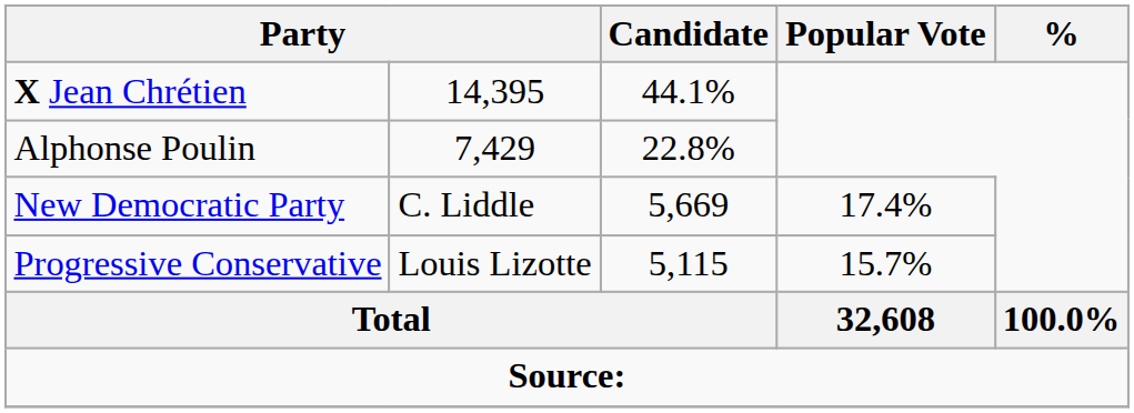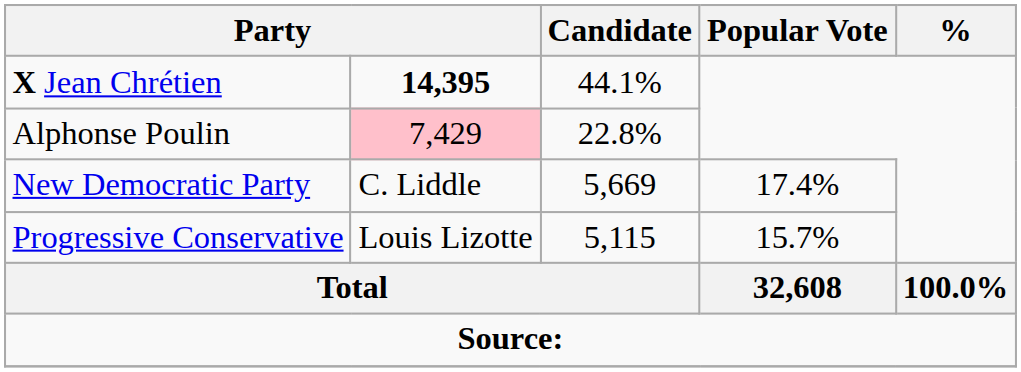 <table class="wikitable">
 <tr>
 <th colspan="2">Party</th>
 <th>Candidate</th>
 <th>Popular Vote</th>
 <th>%</th>
 </tr>
 <tr>
 <td> <strong>X</strong> <a href='#'>Jean Chrétien</a></td>
-<td align=center>14,395</td>
+<td align=center><strong>14,395</strong></td>
 <td align=center>44.1%</td>
 </tr>
 <tr>
 <td>Alphonse Poulin</td>
-<td align=center>7,429</td>
+<td align=center style="background: pink;">7,429</td>
 <td align=center>22.8%</td>
 </tr>
 <tr>
 <td><a href='#'>New Democratic Party</a></td>
 <td>C. Liddle</td>
 <td align=center>5,669</td>
 <td align=center>17.4%</td>
 </tr>
 <tr>
 <td><a href='#'>Progressive Conservative</a></td>
 <td>Louis Lizotte</td>
 <td align=center>5,115</td>
 <td align=center>15.7%</td>
 </tr>
 <tr>
 <th colspan=3>Total</th>
 <th>32,608</th>
 <th>100.0%</th>
 </tr>
 <tr>
 <td align="center" colspan=5><strong>Source:</strong> </td>
 </tr>
 <tr>
 </tr>
 </table>
